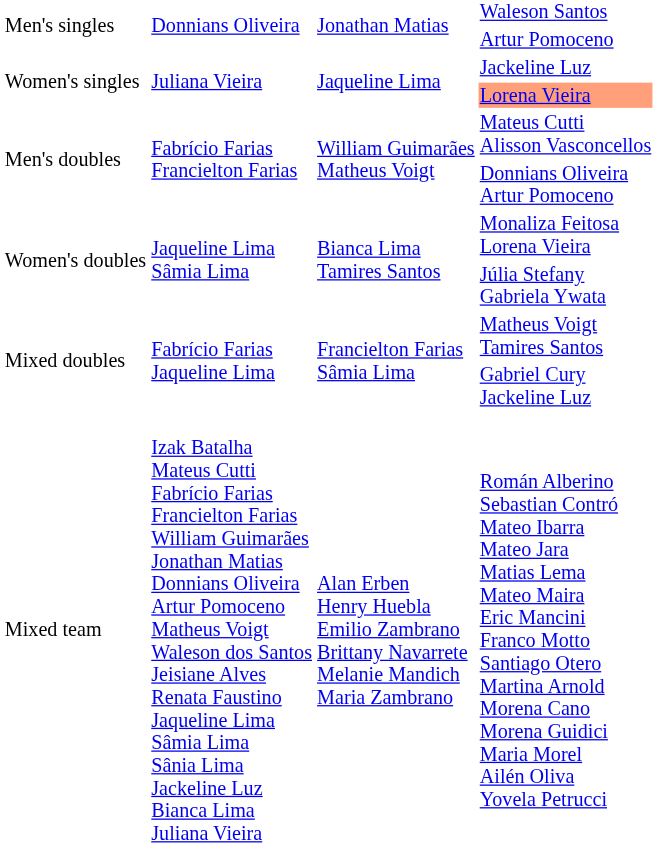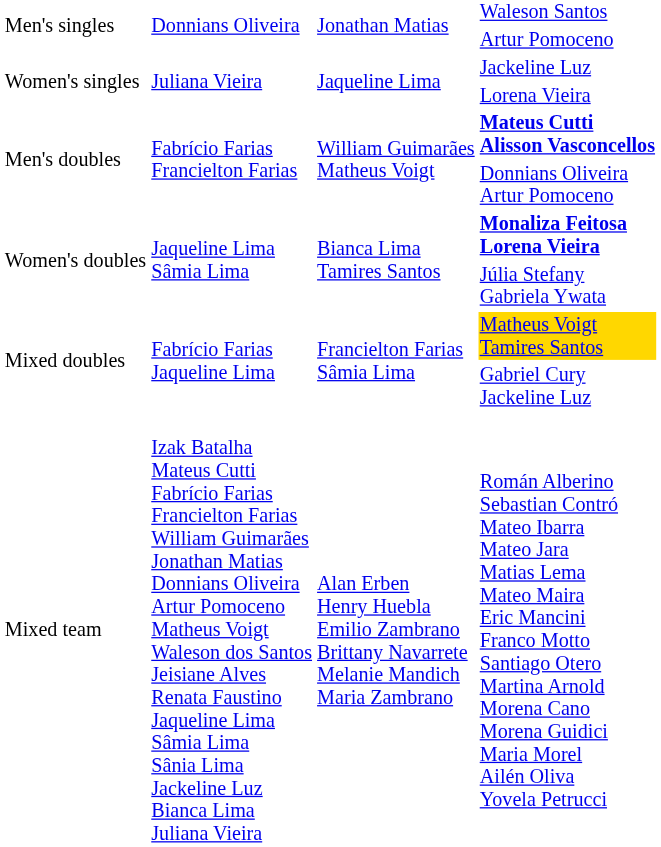 <table>
 <tr>
 <td rowspan="2">Men's singles</td>
 <td rowspan="2"> <a href='#'>Donnians Oliveira</a></td>
 <td rowspan="2"> <a href='#'>Jonathan Matias</a></td>
 <td> <a href='#'>Waleson Santos</a></td>
 </tr>
 <tr>
 <td> <a href='#'>Artur Pomoceno</a></td>
 </tr>
 <tr>
 <td rowspan="2">Women's singles</td>
 <td rowspan="2"> <a href='#'>Juliana Vieira</a></td>
 <td rowspan="2"> <a href='#'>Jaqueline Lima</a></td>
 <td> <a href='#'>Jackeline Luz</a></td>
 </tr>
 <tr>
-<td style="background: lightsalmon;"> <a href='#'>Lorena Vieira</a></td>
+<td> <a href='#'>Lorena Vieira</a></td>
 </tr>
 <tr>
 <td rowspan="2">Men's doubles</td>
 <td rowspan="2"> <a href='#'>Fabrício Farias</a><br> <a href='#'>Francielton Farias</a></td>
 <td rowspan="2"> <a href='#'>William Guimarães</a><br> <a href='#'>Matheus Voigt</a></td>
-<td> <a href='#'>Mateus Cutti</a><br> <a href='#'>Alisson Vasconcellos</a></td>
+<td><strong> <a href='#'>Mateus Cutti</a><br> <a href='#'>Alisson Vasconcellos</a></strong></td>
 </tr>
 <tr>
 <td> <a href='#'>Donnians Oliveira</a><br> <a href='#'>Artur Pomoceno</a></td>
 </tr>
 <tr>
 <td rowspan="2">Women's doubles</td>
 <td rowspan="2"> <a href='#'>Jaqueline Lima</a><br> <a href='#'>Sâmia Lima</a></td>
 <td rowspan="2"> <a href='#'>Bianca Lima</a><br> <a href='#'>Tamires Santos</a></td>
-<td> <a href='#'>Monaliza Feitosa</a><br> <a href='#'>Lorena Vieira</a></td>
+<td><strong> <a href='#'>Monaliza Feitosa</a><br> <a href='#'>Lorena Vieira</a></strong></td>
 </tr>
 <tr>
 <td> <a href='#'>Júlia Stefany</a><br> <a href='#'>Gabriela Ywata</a></td>
 </tr>
 <tr>
 <td rowspan="2">Mixed doubles</td>
 <td rowspan="2"> <a href='#'>Fabrício Farias</a><br> <a href='#'>Jaqueline Lima</a></td>
 <td rowspan="2"> <a href='#'>Francielton Farias</a><br> <a href='#'>Sâmia Lima</a></td>
-<td> <a href='#'>Matheus Voigt</a><br> <a href='#'>Tamires Santos</a></td>
+<td style="background: gold;"> <a href='#'>Matheus Voigt</a><br> <a href='#'>Tamires Santos</a></td>
 </tr>
 <tr>
 <td> <a href='#'>Gabriel Cury</a><br> <a href='#'>Jackeline Luz</a></td>
 </tr>
 <tr>
 <td>Mixed team</td>
 <td align="left"><br><a href='#'>Izak Batalha</a><br><a href='#'>Mateus Cutti</a><br><a href='#'>Fabrício Farias</a><br><a href='#'>Francielton Farias</a><br><a href='#'>William Guimarães</a><br><a href='#'>Jonathan Matias</a><br><a href='#'>Donnians Oliveira</a><br><a href='#'>Artur Pomoceno</a><br><a href='#'>Matheus Voigt</a><br><a href='#'>Waleson dos Santos</a><br><a href='#'>Jeisiane Alves</a><br><a href='#'>Renata Faustino</a><br><a href='#'>Jaqueline Lima</a><br><a href='#'>Sâmia Lima</a><br><a href='#'>Sânia Lima</a><br><a href='#'>Jackeline Luz</a><br><a href='#'>Bianca Lima</a><br><a href='#'>Juliana Vieira</a></td>
 <td align="left"><br><a href='#'>Alan Erben</a><br><a href='#'>Henry Huebla</a><br><a href='#'>Emilio Zambrano</a><br><a href='#'>Brittany Navarrete</a><br><a href='#'>Melanie Mandich</a><br><a href='#'>Maria Zambrano</a></td>
 <td align="left"><br><a href='#'>Román Alberino</a><br><a href='#'>Sebastian Contró</a><br><a href='#'>Mateo Ibarra</a><br><a href='#'>Mateo Jara</a><br><a href='#'>Matias Lema</a><br><a href='#'>Mateo Maira</a><br><a href='#'>Eric Mancini</a><br><a href='#'>Franco Motto</a><br><a href='#'>Santiago Otero</a><br><a href='#'>Martina Arnold</a><br><a href='#'>Morena Cano</a><br><a href='#'>Morena Guidici</a><br><a href='#'>Maria Morel</a><br><a href='#'>Ailén Oliva</a><br><a href='#'>Yovela Petrucci</a></td>
 </tr>
 </table>
